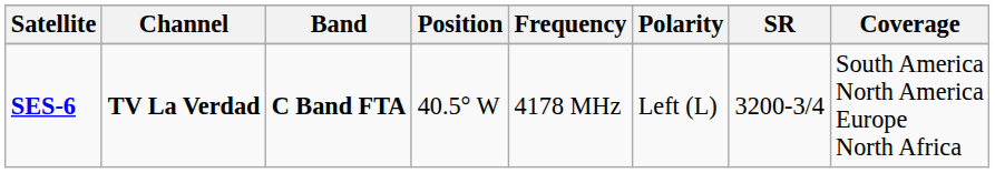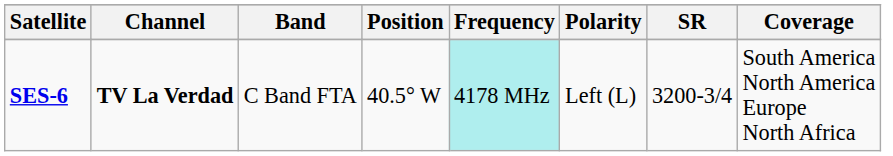 <table class="wikitable float center" style="=width:500px;">
 <tr>
 </tr>
 <tr style="font-size:100%">
 <th>Satellite</th>
 <th>Channel</th>
 <th>Band</th>
 <th>Position</th>
 <th>Frequency</th>
 <th>Polarity</th>
 <th>SR</th>
 <th>Coverage</th>
 </tr>
 <tr>
 </tr>
 <tr style="font-size:100%">
 <td><strong><a href='#'>SES-6</a></strong></td>
 <td><strong>TV La Verdad</strong></td>
-<td><strong>C Band FTA</strong></td>
+<td>C Band FTA</td>
 <td>40.5° W</td>
-<td>4178 MHz</td>
+<td style="background: paleturquoise;">4178 MHz</td>
 <td>Left (L)</td>
 <td>3200-3/4</td>
 <td>South America<br>North America<br>Europe<br>North Africa</td>
 </tr>
 </table>
